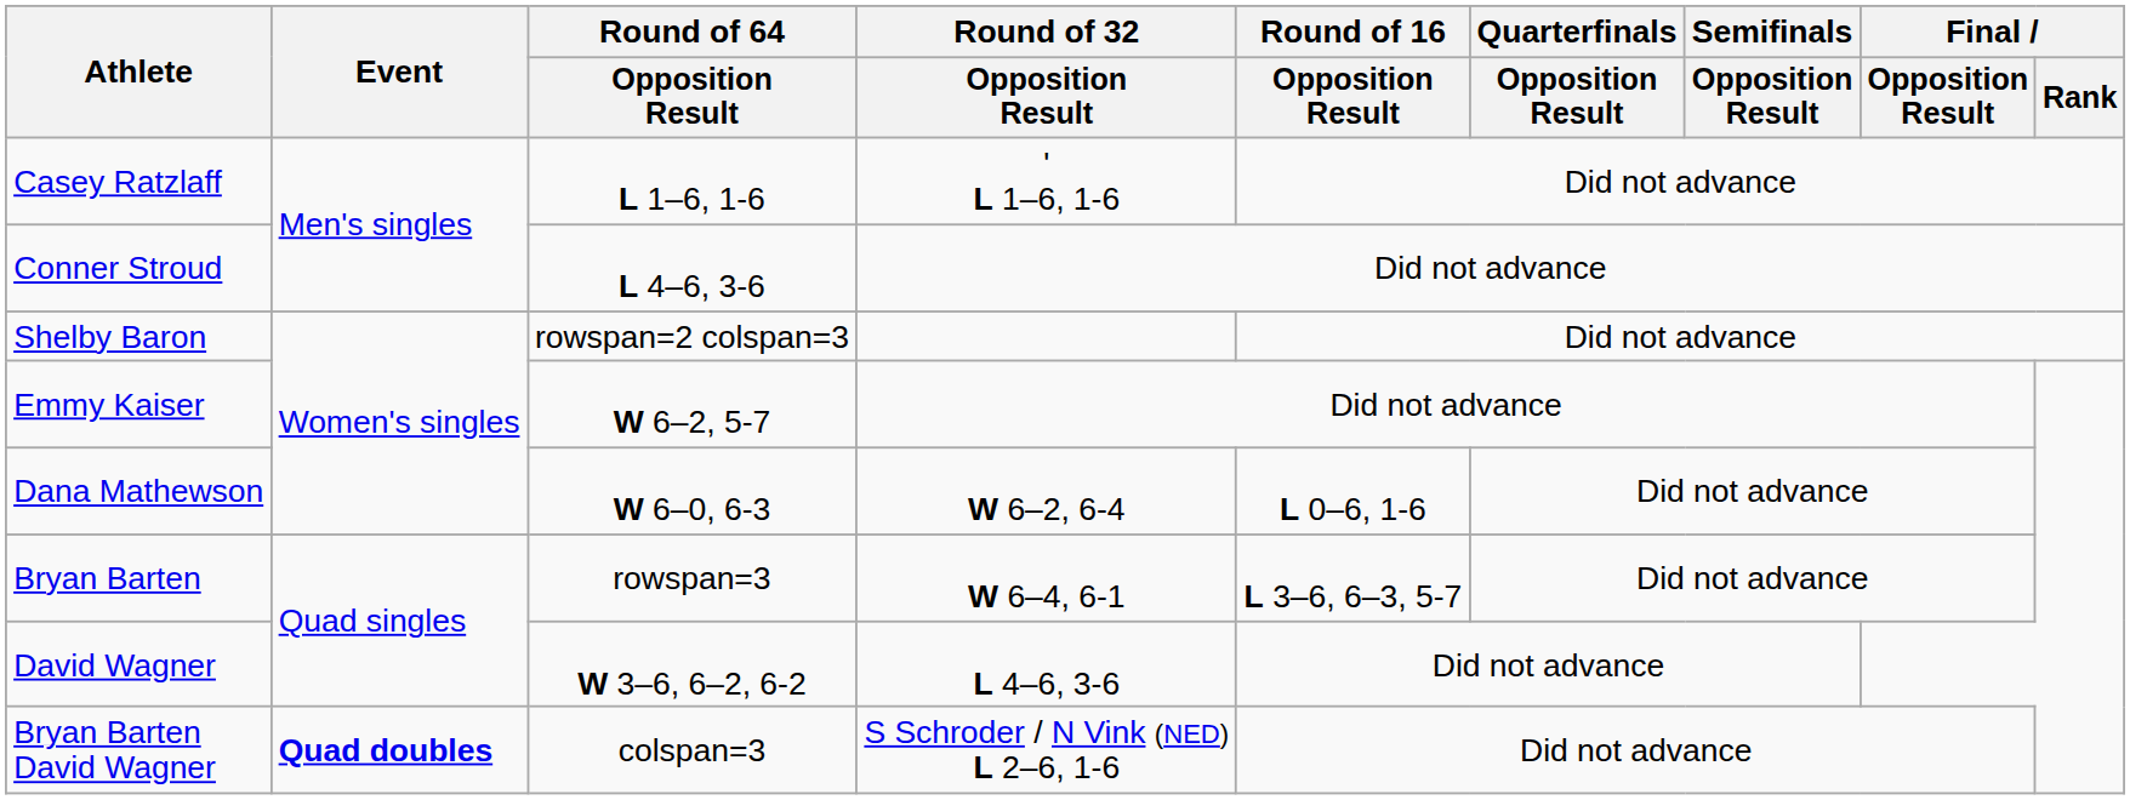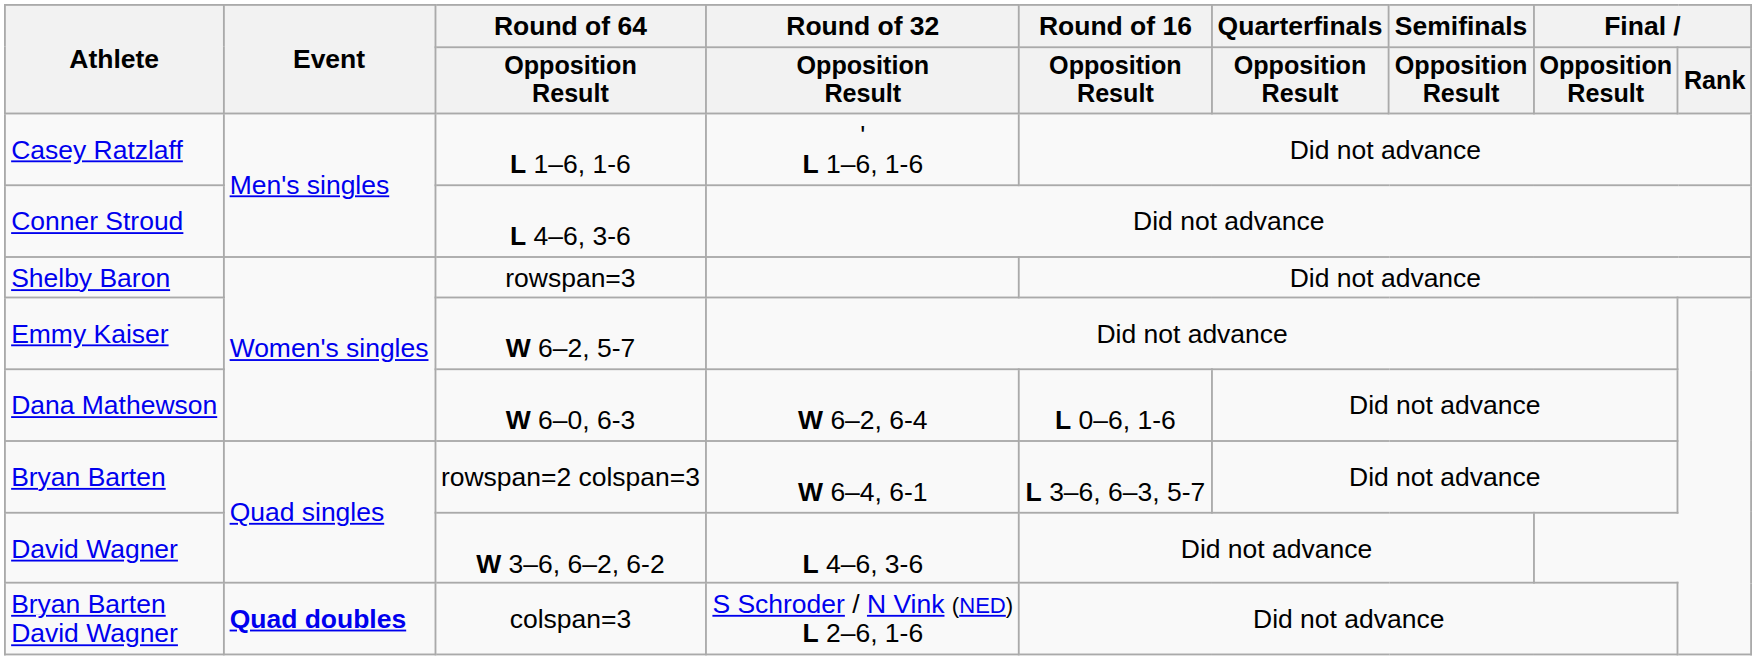 <table class=wikitable style=font-size:90%;text-align:center>
 <tr>
 <th rowspan=2>Athlete</th>
 <th rowspan=2>Event</th>
 <th>Round of 64</th>
 <th>Round of 32</th>
 <th>Round of 16</th>
 <th>Quarterfinals</th>
 <th>Semifinals</th>
 <th colspan=2>Final / </th>
 </tr>
 <tr style=font-size:95%>
 <th>Opposition<br>Result</th>
 <th>Opposition<br>Result</th>
 <th>Opposition<br>Result</th>
 <th>Opposition<br>Result</th>
 <th>Opposition<br>Result</th>
 <th>Opposition<br>Result</th>
 <th>Rank</th>
 </tr>
 <tr>
 <td align=left><a href='#'>Casey Ratzlaff</a></td>
 <td rowspan=2 align=left><a href='#'>Men's singles</a></td>
 <td><br> <strong>L</strong> 1–6, 1-6</td>
 <td>'<br> <strong>L</strong> 1–6, 1-6</td>
 <td colspan=5>Did not advance</td>
 </tr>
 <tr>
 <td align=left><a href='#'>Conner Stroud</a></td>
 <td><br> <strong>L</strong> 4–6, 3-6</td>
 <td colspan=6>Did not advance</td>
 </tr>
 <tr>
 <td align=left><a href='#'>Shelby Baron</a></td>
 <td rowspan=3 align=left><a href='#'>Women's singles</a></td>
-<td>rowspan=2 colspan=3 </td>
+<td>rowspan=3 </td>
 <td></td>
 <td colspan=5>Did not advance</td>
 </tr>
 <tr>
 <td align=left><a href='#'>Emmy Kaiser</a></td>
 <td><br> <strong>W</strong> 6–2, 5-7</td>
 <td colspan=5>Did not advance</td>
 </tr>
 <tr>
 <td align=left><a href='#'>Dana Mathewson</a></td>
 <td><br> <strong>W</strong> 6–0, 6-3</td>
 <td><br> <strong>W</strong> 6–2, 6-4</td>
 <td><br> <strong>L</strong> 0–6, 1-6</td>
 <td colspan=3>Did not advance</td>
 </tr>
 <tr>
 <td align=left><a href='#'>Bryan Barten</a></td>
 <td rowspan=2 align=left><a href='#'>Quad singles</a></td>
-<td>rowspan=3 </td>
+<td>rowspan=2 colspan=3 </td>
 <td><br> <strong>W</strong> 6–4, 6-1</td>
 <td><br> <strong>L</strong> 3–6, 6–3, 5-7</td>
 <td colspan=3>Did not advance</td>
 </tr>
 <tr>
 <td align=left><a href='#'>David Wagner</a></td>
 <td><br> <strong>W</strong> 3–6, 6–2, 6-2</td>
 <td><br> <strong>L</strong> 4–6, 3-6</td>
 <td colspan=3>Did not advance</td>
 </tr>
 <tr>
 <td align=left><a href='#'>Bryan Barten</a><br><a href='#'>David Wagner</a></td>
 <td align=left><strong><a href='#'>Quad doubles</a></strong></td>
 <td>colspan=3 </td>
 <td> <a href='#'>S Schroder</a> / <a href='#'>N Vink</a> <small>(<a href='#'>NED</a>)</small><br> <strong>L</strong> 2–6, 1-6</td>
 <td colspan=4>Did not advance</td>
 </tr>
 </table>
